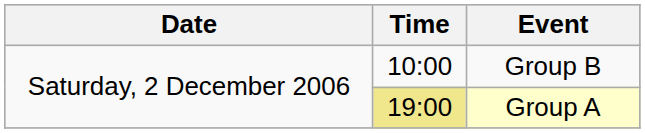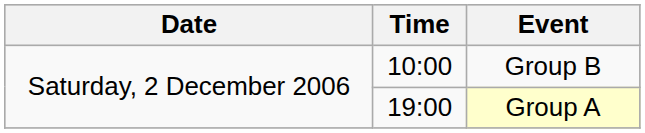 <table class = "wikitable" style="text-align:center;">
 <tr>
 <th width=220>Date</th>
 <th width=50>Time</th>
 <th width=100>Event</th>
 </tr>
 <tr>
 <td rowspan=2>Saturday, 2 December 2006</td>
 <td>10:00</td>
 <td>Group B</td>
 </tr>
 <tr>
-<td style="background: khaki;">19:00</td>
+<td>19:00</td>
 <td bgcolor=ffffcc>Group A</td>
 </tr>
 </table>
